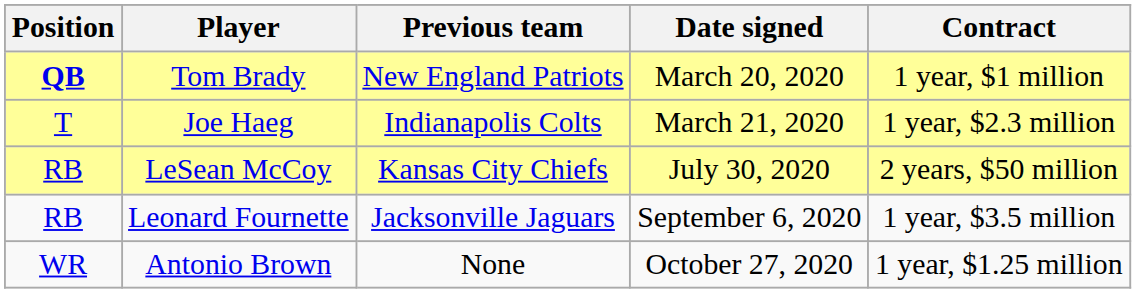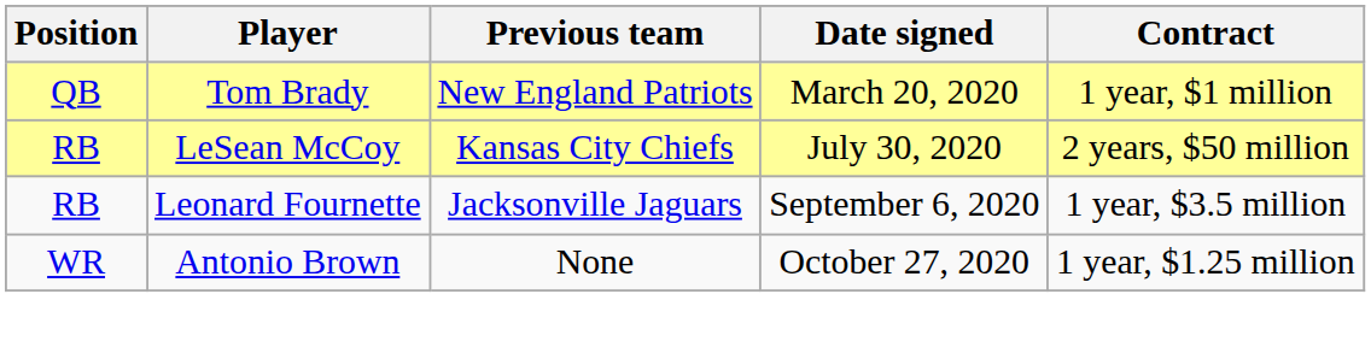 <table class="wikitable" style="text-align:center">
 <tr>
 <th>Position</th>
 <th>Player</th>
 <th>Previous team</th>
 <th>Date signed</th>
 <th>Contract</th>
 </tr>
 <tr style="background:#ff9">
-<td><strong><a href='#'>QB</a></strong></td>
+<td><a href='#'>QB</a></td>
 <td><a href='#'>Tom Brady</a></td>
 <td><a href='#'>New England Patriots</a></td>
 <td>March 20, 2020</td>
 <td>1 year, $1 million</td>
-</tr>
-<tr style="background:#ff9">
-<td><a href='#'>T</a></td>
-<td><a href='#'>Joe Haeg</a></td>
-<td><a href='#'>Indianapolis Colts</a></td>
-<td>March 21, 2020</td>
-<td>1 year, $2.3 million</td>
 </tr>
 <tr style="background:#ff9">
 <td><a href='#'>RB</a></td>
 <td><a href='#'>LeSean McCoy</a></td>
 <td><a href='#'>Kansas City Chiefs</a></td>
 <td>July 30, 2020</td>
 <td>2 years, $50 million</td>
 </tr>
 <tr>
 <td><a href='#'>RB</a></td>
 <td><a href='#'>Leonard Fournette</a></td>
 <td><a href='#'>Jacksonville Jaguars</a></td>
 <td>September 6, 2020</td>
 <td>1 year, $3.5 million</td>
 </tr>
 <tr>
 <td><a href='#'>WR</a></td>
 <td><a href='#'>Antonio Brown</a></td>
 <td>None</td>
 <td>October 27, 2020</td>
 <td>1 year, $1.25 million</td>
 </tr>
 </table>
